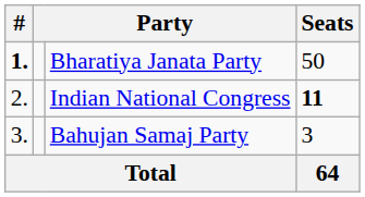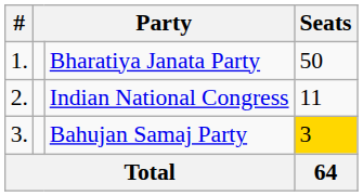 <table class="wikitable">
 <tr>
 <th>#</th>
 <th colspan="2">Party</th>
 <th>Seats</th>
 </tr>
 <tr>
-<td><strong>1.</strong></td>
+<td>1.</td>
 <td></td>
 <td><a href='#'>Bharatiya Janata Party</a></td>
 <td>50 </td>
 </tr>
 <tr>
 <td>2.</td>
 <td></td>
 <td><a href='#'>Indian National Congress</a></td>
-<td><strong>11 </strong></td>
+<td>11 </td>
 </tr>
 <tr>
 <td>3.</td>
 <td></td>
 <td><a href='#'>Bahujan Samaj Party</a></td>
-<td>3 </td>
+<td style="background: gold;">3 </td>
 </tr>
 <tr>
 <th colspan="3">Total</th>
 <th>64</th>
 </tr>
 </table>
